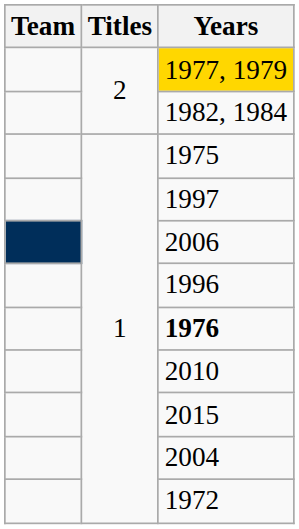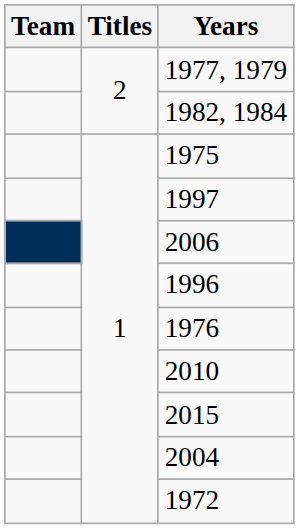 <table class="wikitable sortable" style="text-align:center ">
 <tr>
 <th>Team</th>
 <th>Titles</th>
 <th>Years</th>
 </tr>
 <tr>
 <td style=><em></em></td>
 <td rowspan=2>2</td>
-<td align=left style="background: gold;">1977, 1979</td>
+<td align=left>1977, 1979</td>
 </tr>
 <tr>
 <td style=><em></em></td>
 <td align=left>1982, 1984</td>
 </tr>
 <tr>
 <td style=><em></em></td>
 <td rowspan=9>1</td>
 <td align=left>1975</td>
 </tr>
 <tr>
 <td style=><em></em></td>
 <td align=left>1997</td>
 </tr>
 <tr>
 <td bgcolor=002E5A><em></em></td>
 <td align=left>2006</td>
 </tr>
 <tr>
 <td style=><em></em></td>
 <td align=left>1996</td>
 </tr>
 <tr>
 <td style=><em></em></td>
-<td align=left><strong>1976</strong></td>
+<td align=left>1976</td>
 </tr>
 <tr>
 <td style=><em></em></td>
 <td align=left>2010</td>
 </tr>
 <tr>
 <td style=><em></em></td>
 <td align=left>2015</td>
 </tr>
 <tr>
 <td style=><em></em></td>
 <td align=left>2004</td>
 </tr>
 <tr>
 <td style=><em></em></td>
 <td align=left>1972</td>
 </tr>
 </table>
